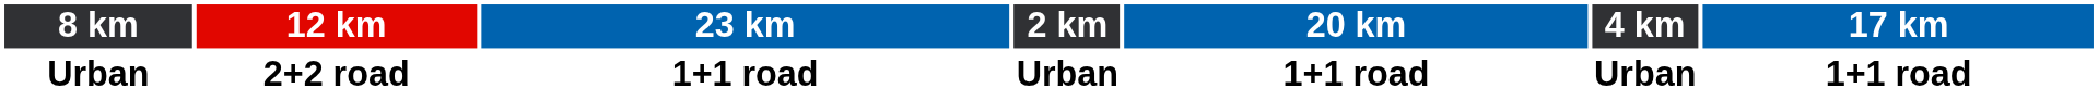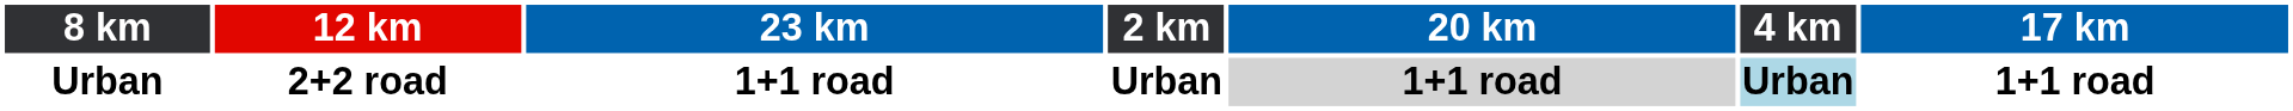 <table style="width:60%; font-weight:bold; text-align:center">
 <tr>
 <td style="background:#303134; width:9.3%; color:white">8 km</td>
 <td style="background:#E10600; width:14%; color:white">12 km</td>
 <td style="background:#0063AF; width:26.7%; color:white">23 km</td>
 <td style="background:#303134; width:2.3%; color:white">2 km</td>
 <td style="background:#0063AF; width:23.3%; color:white">20 km</td>
 <td style="background:#303134; width:4.7%; color:white">4 km</td>
 <td style="background:#0063AF; width:19.8%; color:white">17 km</td>
 </tr>
 <tr>
 <td>Urban</td>
 <td>2+2 road</td>
 <td>1+1 road</td>
 <td>Urban</td>
-<td>1+1 road</td>
-<td>Urban</td>
+<td style="background: lightgrey;">1+1 road</td>
+<td style="background: lightblue;">Urban</td>
 <td>1+1 road</td>
 </tr>
 </table>
